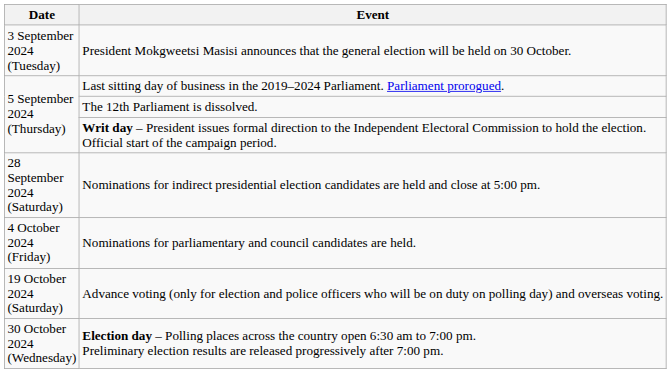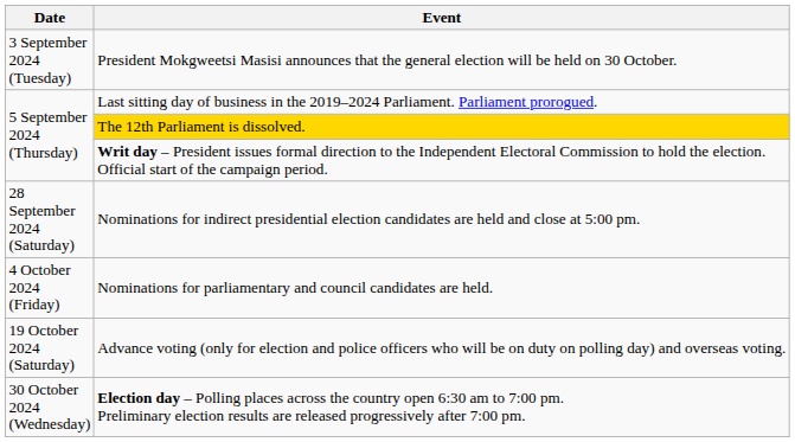 <table class="wikitable">
 <tr>
 <th style="width:4em">Date</th>
 <th>Event</th>
 </tr>
 <tr>
 <td>3 September 2024 (Tuesday)</td>
 <td>President Mokgweetsi Masisi announces that the general election will be held on 30 October.</td>
 </tr>
 <tr>
 <td rowspan="3">5 September 2024 (Thursday)</td>
 <td>Last sitting day of business in the 2019–2024 Parliament. <a href='#'>Parliament prorogued</a>.</td>
 </tr>
 <tr>
-<td>The 12th Parliament is dissolved.</td>
+<td style="background: gold;">The 12th Parliament is dissolved.</td>
 </tr>
 <tr>
 <td><strong>Writ day</strong> – President issues formal direction to the Independent Electoral Commission to hold the election.<br>Official start of the campaign period.</td>
 </tr>
 <tr>
 <td>28 September 2024 (Saturday)</td>
 <td>Nominations for indirect presidential election candidates are held and close at 5:00 pm.</td>
 </tr>
 <tr>
 <td>4 October 2024 (Friday)</td>
 <td>Nominations for parliamentary and council candidates are held.</td>
 </tr>
 <tr>
 <td>19 October 2024 (Saturday)</td>
 <td>Advance voting (only for election and police officers who will be on duty on polling day) and overseas voting.</td>
 </tr>
 <tr>
 <td>30 October 2024 (Wednesday)</td>
 <td><strong>Election day</strong> – Polling places across the country open 6:30 am to 7:00 pm.<br>Preliminary election results are released progressively after 7:00 pm.</td>
 </tr>
 </table>
